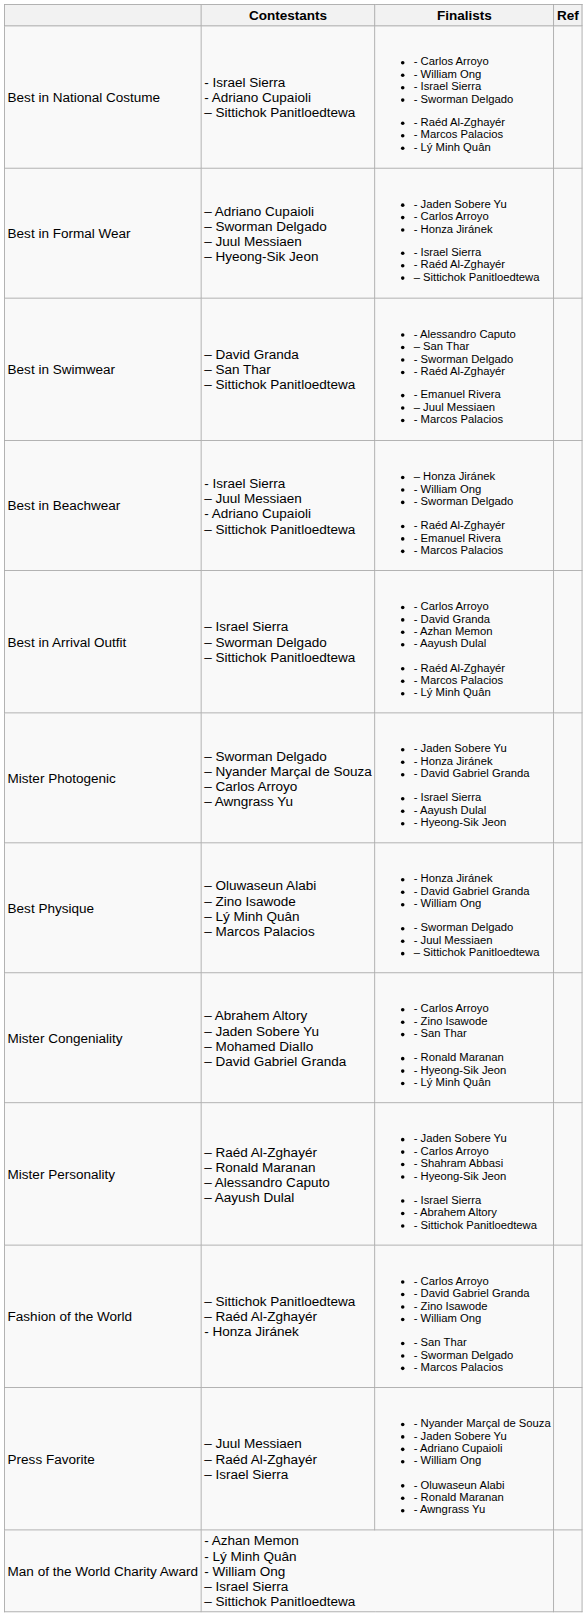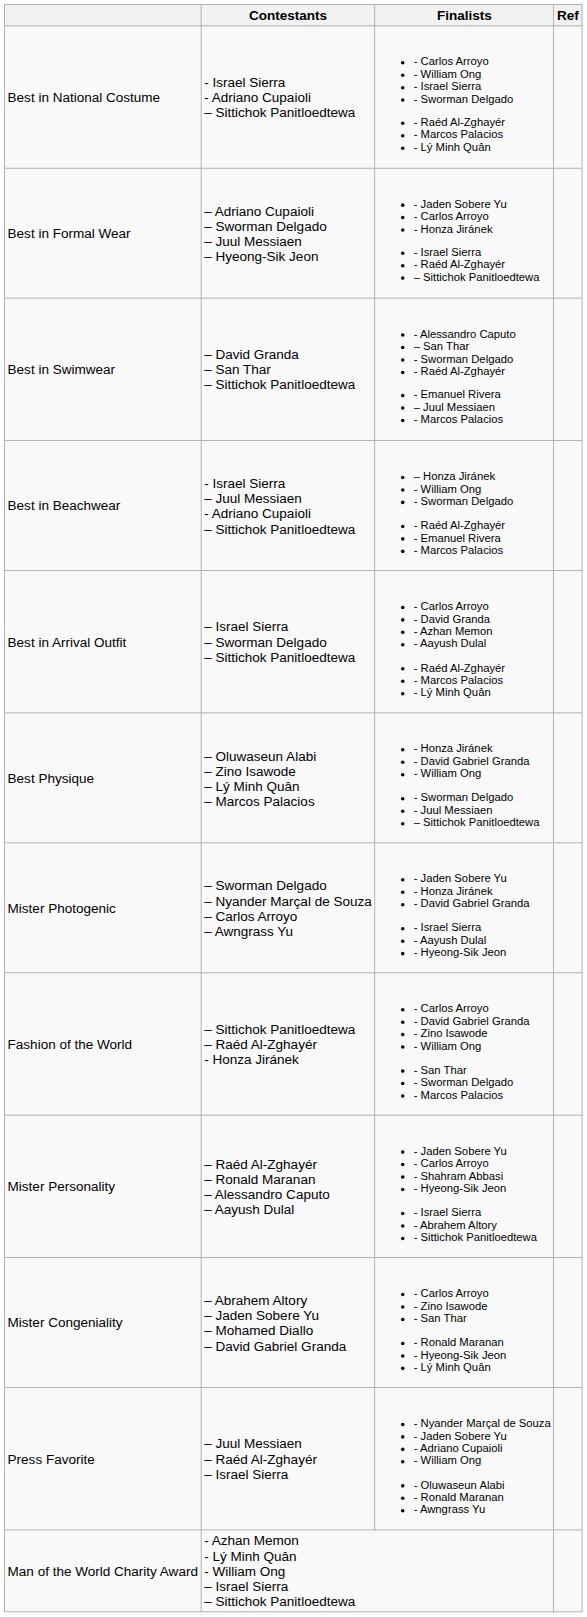 <table class="wikitable"  style="font-size: 95%;">
 <tr style="background:#CCCCCC; text-align:center">
 <th></th>
 <th>Contestants</th>
 <th>Finalists</th>
 <th>Ref</th>
 </tr>
 <tr>
 <td>Best in National Costume</td>
 <td>  - Israel Sierra <br>   - Adriano Cupaioli <br>   – Sittichok Panitloedtewa</td>
 <td><small><br> <ul><li> - Carlos Arroyo</li><li> - William Ong</li><li> - Israel Sierra</li><li> - Sworman Delgado</li></ul><ul><li> - Raéd Al-Zghayér</li><li> - Marcos Palacios</li><li> - Lý Minh Quân</li></ul></small></td>
 <td></td>
 </tr>
 <tr>
 <td>Best in Formal Wear</td>
 <td>  – Adriano Cupaioli <br>   – Sworman Delgado <br>   – Juul Messiaen <br>   – Hyeong-Sik Jeon</td>
 <td><small><br> <ul><li> - Jaden Sobere Yu</li><li> - Carlos Arroyo</li><li> - Honza Jiránek</li></ul><ul><li> - Israel Sierra</li><li> - Raéd Al-Zghayér</li><li> – Sittichok Panitloedtewa</li></ul></small></td>
 <td></td>
 </tr>
 <tr>
 <td>Best in Swimwear</td>
 <td>  – David Granda <br>   – San Thar <br>   – Sittichok Panitloedtewa</td>
 <td><small><br> <ul><li> - Alessandro Caputo</li><li> – San Thar</li><li> - Sworman Delgado</li><li> - Raéd Al-Zghayér</li></ul><ul><li> - Emanuel Rivera</li><li> – Juul Messiaen</li><li> - Marcos Palacios</li></ul></small></td>
 <td></td>
 </tr>
 <tr>
 <td>Best in Beachwear</td>
 <td>  - Israel Sierra <br>   – Juul Messiaen <br>   - Adriano Cupaioli <br>   – Sittichok Panitloedtewa</td>
 <td><small><br> <ul><li> – Honza Jiránek</li><li> - William Ong</li><li> - Sworman Delgado</li></ul><ul><li> - Raéd Al-Zghayér</li><li> - Emanuel Rivera</li><li> - Marcos Palacios</li></ul></small></td>
 <td></td>
 </tr>
 <tr>
 <td>Best in Arrival Outfit</td>
 <td>  – Israel Sierra <br>   – Sworman Delgado <br>   – Sittichok Panitloedtewa</td>
 <td><small><br> <ul><li> - Carlos Arroyo</li><li> - David Granda</li><li> - Azhan Memon</li><li> - Aayush Dulal</li></ul><ul><li> - Raéd Al-Zghayér</li><li> - Marcos Palacios</li><li> - Lý Minh Quân</li></ul></small></td>
 <td></td>
 </tr>
 <tr>
+<td>Best Physique</td>
+<td>  – Oluwaseun Alabi <br>   – Zino Isawode <br>   – Lý Minh Quân <br>   – Marcos Palacios</td>
+<td><small><br> <ul><li> - Honza Jiránek</li><li> - David Gabriel Granda</li><li> - William Ong</li></ul><ul><li> - Sworman Delgado</li><li> - Juul Messiaen</li><li> – Sittichok Panitloedtewa</li></ul></small></td>
+<td></td>
+</tr>
+<tr>
 <td>Mister Photogenic</td>
 <td>  – Sworman Delgado <br>   – Nyander Marçal de Souza <br>   – Carlos Arroyo <br>   – Awngrass Yu</td>
 <td><small><br> <ul><li> - Jaden Sobere Yu</li><li> - Honza Jiránek</li><li> - David Gabriel Granda</li></ul><ul><li> - Israel Sierra</li><li> - Aayush Dulal</li><li> - Hyeong-Sik Jeon</li></ul></small></td>
 <td></td>
 </tr>
 <tr>
-<td>Best Physique</td>
-<td>  – Oluwaseun Alabi <br>   – Zino Isawode <br>   – Lý Minh Quân <br>   – Marcos Palacios</td>
-<td><small><br> <ul><li> - Honza Jiránek</li><li> - David Gabriel Granda</li><li> - William Ong</li></ul><ul><li> - Sworman Delgado</li><li> - Juul Messiaen</li><li> – Sittichok Panitloedtewa</li></ul></small></td>
-<td></td>
-</tr>
-<tr>
-<td>Mister Congeniality</td>
-<td>  – Abrahem Altory <br>   – Jaden Sobere Yu <br>   – Mohamed Diallo <br>   – David Gabriel Granda</td>
-<td><small><br> <ul><li> - Carlos Arroyo</li><li> - Zino Isawode</li><li> - San Thar</li></ul><ul><li> - Ronald Maranan</li><li> - Hyeong-Sik Jeon</li><li> - Lý Minh Quân</li></ul></small></td>
+<td>Fashion of the World</td>
+<td>  – Sittichok Panitloedtewa <br>   – Raéd Al-Zghayér <br>   - Honza Jiránek</td>
+<td><small><br> <ul><li> - Carlos Arroyo</li><li> - David Gabriel Granda</li><li> - Zino Isawode</li><li> - William Ong</li></ul><ul><li> - San Thar</li><li> - Sworman Delgado</li><li> - Marcos Palacios</li></ul></small></td>
 <td></td>
 </tr>
 <tr>
 <td>Mister Personality</td>
 <td>  – Raéd Al-Zghayér <br>   – Ronald Maranan <br>   – Alessandro Caputo <br>   – Aayush Dulal</td>
 <td><small><br> <ul><li> - Jaden Sobere Yu</li><li> - Carlos Arroyo</li><li> - Shahram Abbasi</li><li> - Hyeong-Sik Jeon</li></ul><ul><li> - Israel Sierra</li><li> - Abrahem Altory</li><li> - Sittichok Panitloedtewa</li></ul></small></td>
 <td></td>
 </tr>
 <tr>
-<td>Fashion of the World</td>
-<td>  – Sittichok Panitloedtewa <br>   – Raéd Al-Zghayér <br>   - Honza Jiránek</td>
-<td><small><br> <ul><li> - Carlos Arroyo</li><li> - David Gabriel Granda</li><li> - Zino Isawode</li><li> - William Ong</li></ul><ul><li> - San Thar</li><li> - Sworman Delgado</li><li> - Marcos Palacios</li></ul></small></td>
+<td>Mister Congeniality</td>
+<td>  – Abrahem Altory <br>   – Jaden Sobere Yu <br>   – Mohamed Diallo <br>   – David Gabriel Granda</td>
+<td><small><br> <ul><li> - Carlos Arroyo</li><li> - Zino Isawode</li><li> - San Thar</li></ul><ul><li> - Ronald Maranan</li><li> - Hyeong-Sik Jeon</li><li> - Lý Minh Quân</li></ul></small></td>
 <td></td>
 </tr>
 <tr>
 <td>Press Favorite</td>
 <td>  – Juul Messiaen <br>   – Raéd Al-Zghayér <br>   – Israel Sierra</td>
 <td><small><br> <ul><li> - Nyander Marçal de Souza</li><li> - Jaden Sobere Yu</li><li> - Adriano Cupaioli</li><li> - William Ong</li></ul><ul><li> - Oluwaseun Alabi</li><li> - Ronald Maranan</li><li> - Awngrass Yu</li></ul></small></td>
 <td></td>
 </tr>
 <tr>
 <td>Man of the World Charity Award</td>
 <td colspan="2">  - Azhan Memon <br>   - Lý Minh Quân <br>   - William Ong <br>   – Israel Sierra <br>   – Sittichok Panitloedtewa</td>
 <td></td>
 </tr>
 </table>
